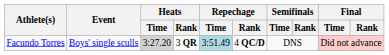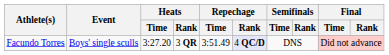 <table class="wikitable" border="1" style="font-size:90%">
 <tr>
 <th rowspan=2>Athlete(s)</th>
 <th rowspan=2>Event</th>
 <th colspan=2>Heats</th>
 <th colspan=2>Repechage</th>
 <th colspan=2>Semifinals</th>
 <th colspan=2>Final</th>
 </tr>
 <tr>
 <th>Time</th>
 <th>Rank</th>
 <th>Time</th>
 <th>Rank</th>
 <th>Time</th>
 <th>Rank</th>
 <th>Time</th>
 <th>Rank</th>
 </tr>
 <tr>
 <td><a href='#'>Facundo Torres</a></td>
 <td><a href='#'>Boys' single sculls</a></td>
-<td align=center style="background: lightgrey;">3:27.20</td>
+<td align=center>3:27.20</td>
 <td align=center>3 <strong>QR</strong></td>
-<td align=center style="background: lightblue;">3:51.49</td>
-<td align=center>4 <strong>QC/D</strong></td>
+<td align=center>3:51.49</td>
+<td align=center style="background: lavender;">4 <strong>QC/D</strong></td>
 <td colspan ="2"  align="center">DNS</td>
 <td colspan ="2" bgcolor="#ffcccc" align="center">Did not advance</td>
 </tr>
 </table>
